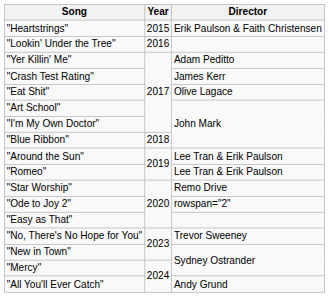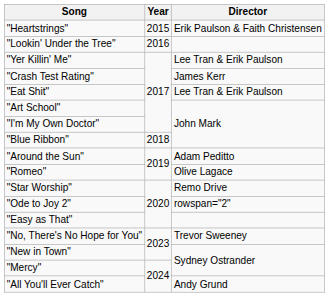 <table class="wikitable">
 <tr>
 <th>Song</th>
 <th>Year</th>
 <th>Director</th>
 </tr>
 <tr>
 <td>"Heartstrings"</td>
 <td>2015</td>
 <td>Erik Paulson & Faith Christensen</td>
 </tr>
 <tr>
 <td>"Lookin' Under the Tree"</td>
 <td>2016</td>
 <td></td>
 </tr>
 <tr>
 <td>"Yer Killin' Me"</td>
 <td rowspan="5">2017</td>
-<td>Adam Peditto</td>
+<td>Lee Tran & Erik Paulson</td>
 </tr>
 <tr>
 <td>"Crash Test Rating"</td>
 <td>James Kerr</td>
 </tr>
 <tr>
 <td>"Eat Shit"</td>
-<td>Olive Lagace</td>
+<td>Lee Tran & Erik Paulson</td>
 </tr>
 <tr>
 <td>"Art School"</td>
 <td rowspan="3">John Mark</td>
 </tr>
 <tr>
 <td>"I'm My Own Doctor"</td>
 </tr>
 <tr>
 <td>"Blue Ribbon"</td>
 <td>2018</td>
 </tr>
 <tr>
 <td>"Around the Sun"</td>
 <td rowspan="2">2019</td>
-<td>Lee Tran & Erik Paulson</td>
+<td>Adam Peditto</td>
 </tr>
 <tr>
 <td>"Romeo"</td>
-<td>Lee Tran & Erik Paulson</td>
+<td>Olive Lagace</td>
 </tr>
 <tr>
 <td>"Star Worship"</td>
 <td rowspan="3">2020</td>
 <td>Remo Drive</td>
 </tr>
 <tr>
 <td>"Ode to Joy 2"</td>
 <td>rowspan="2" </td>
 </tr>
 <tr>
 <td>"Easy as That"</td>
 </tr>
 <tr>
 <td>"No, There's No Hope for You"</td>
 <td rowspan="2">2023</td>
 <td>Trevor Sweeney</td>
 </tr>
 <tr>
 <td>"New in Town"</td>
 <td rowspan="2">Sydney Ostrander</td>
 </tr>
 <tr>
 <td>"Mercy"</td>
 <td rowspan="2">2024</td>
 </tr>
 <tr>
 <td>"All You'll Ever Catch"</td>
 <td>Andy Grund</td>
 </tr>
 </table>
